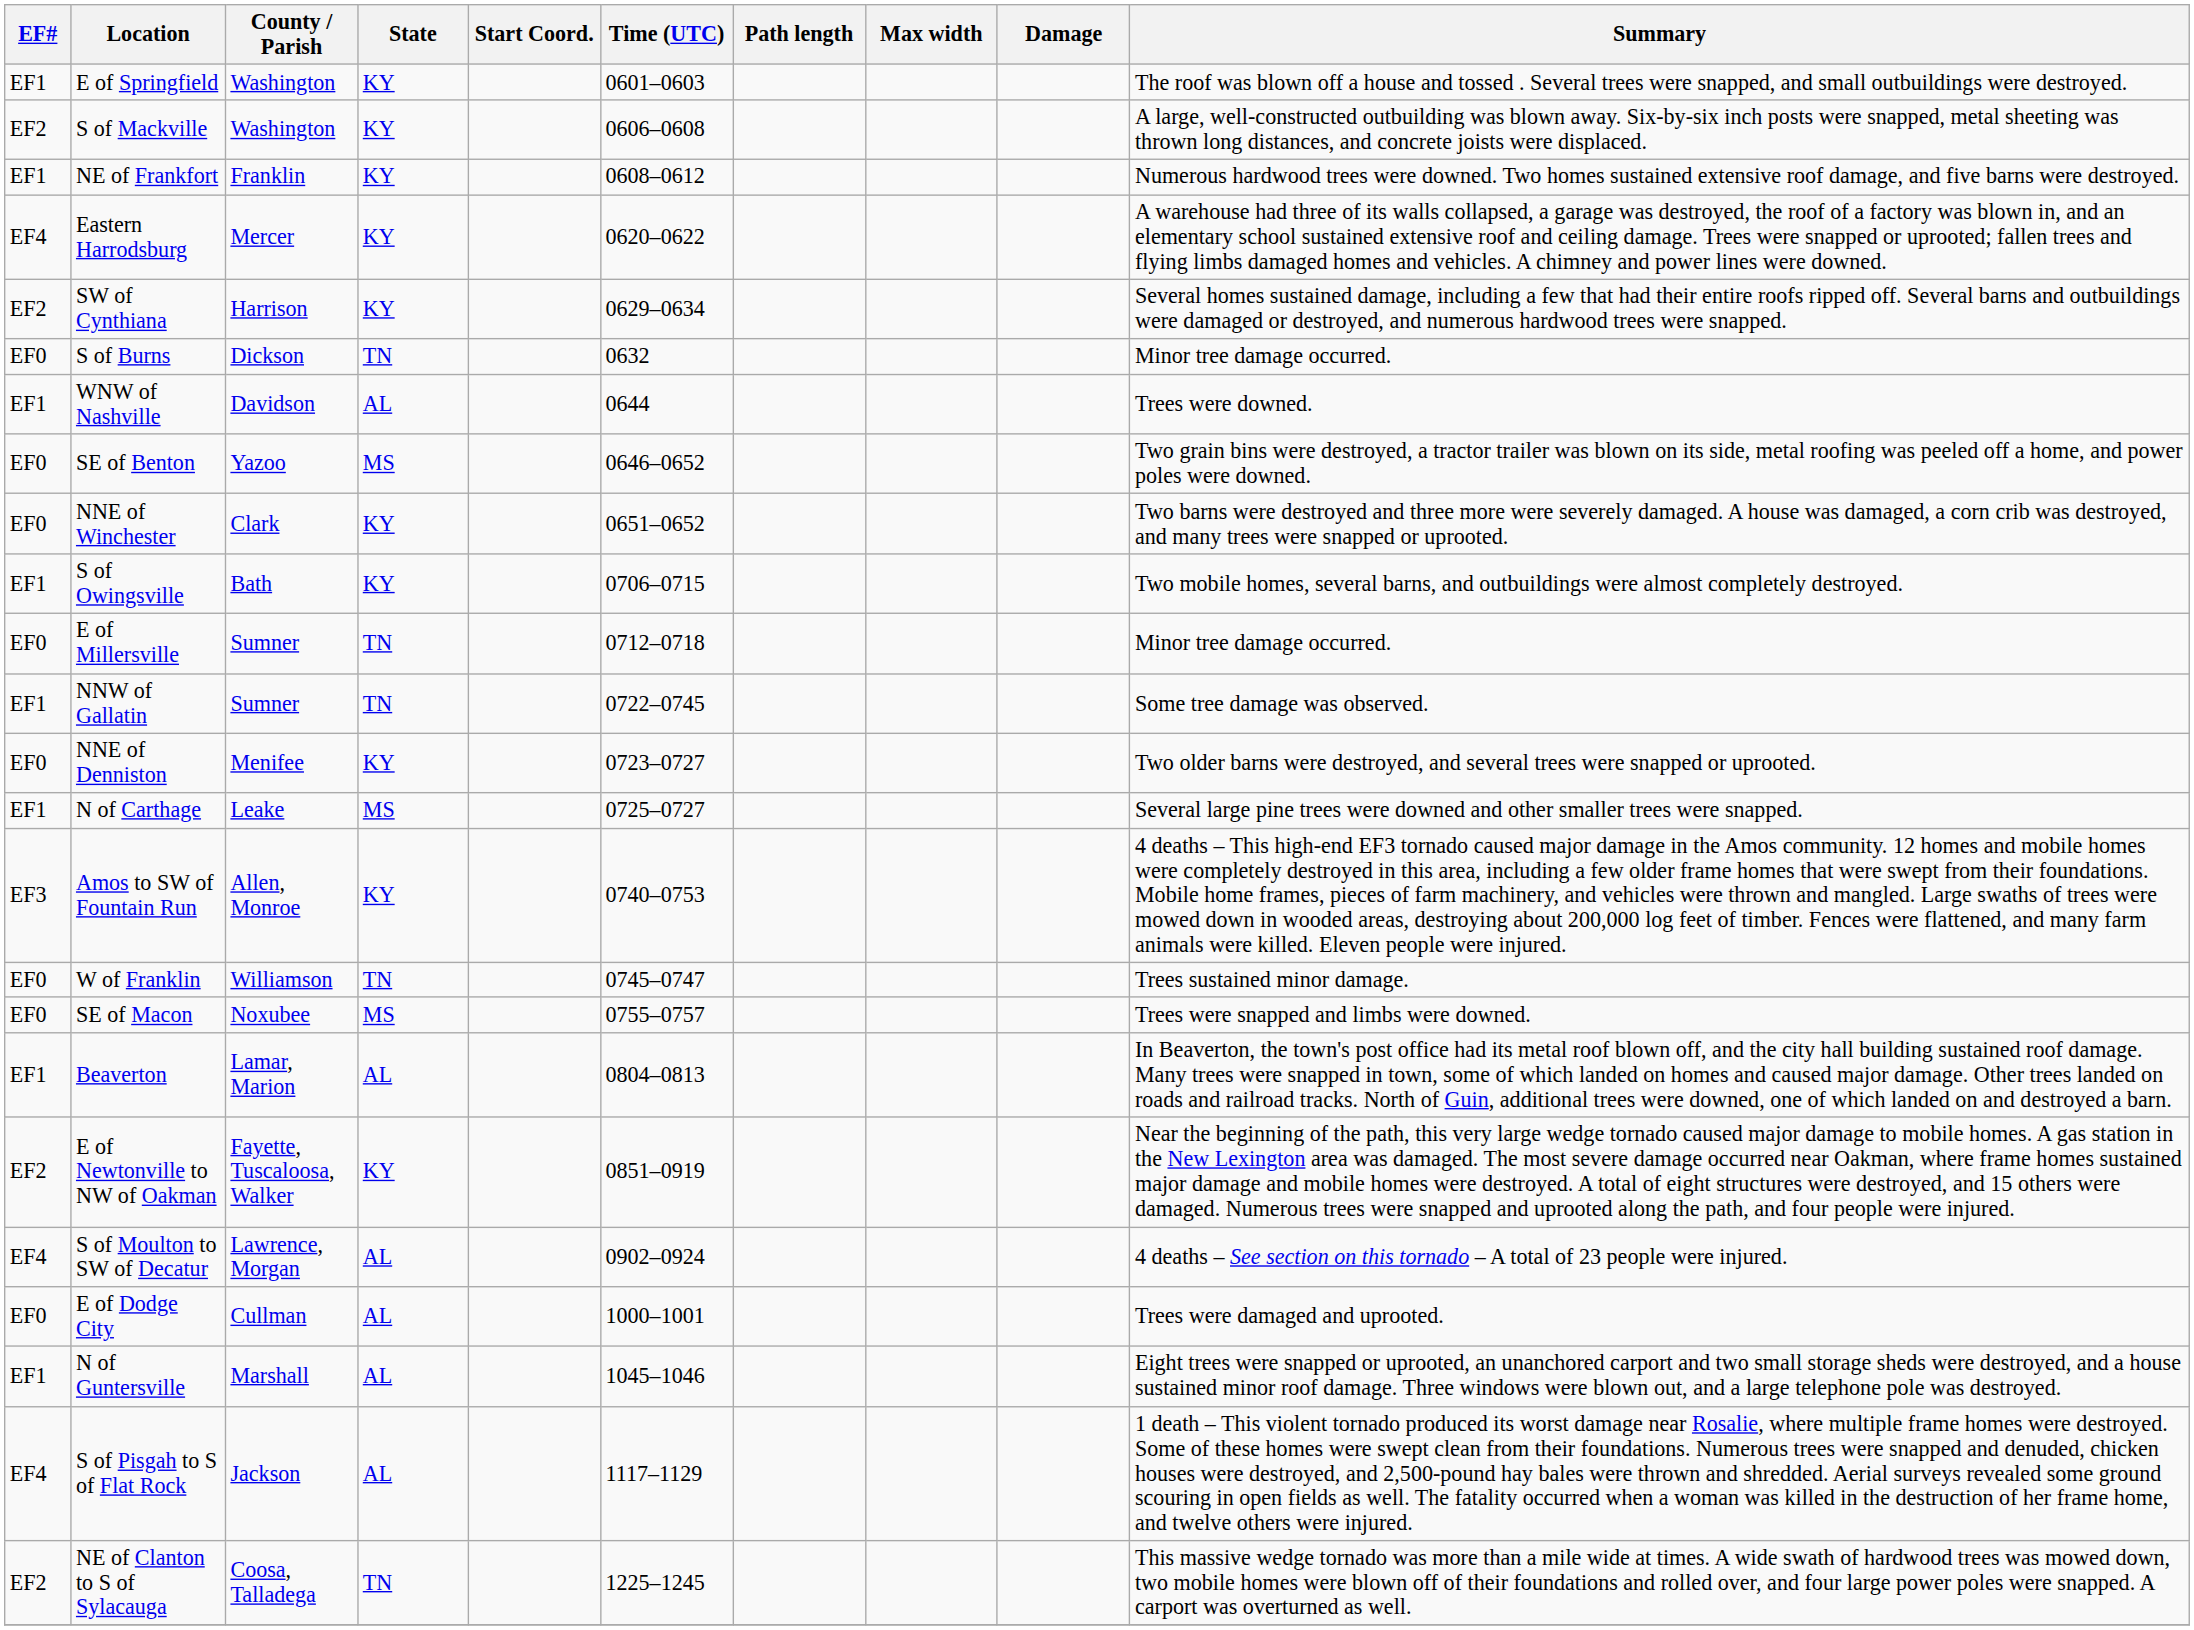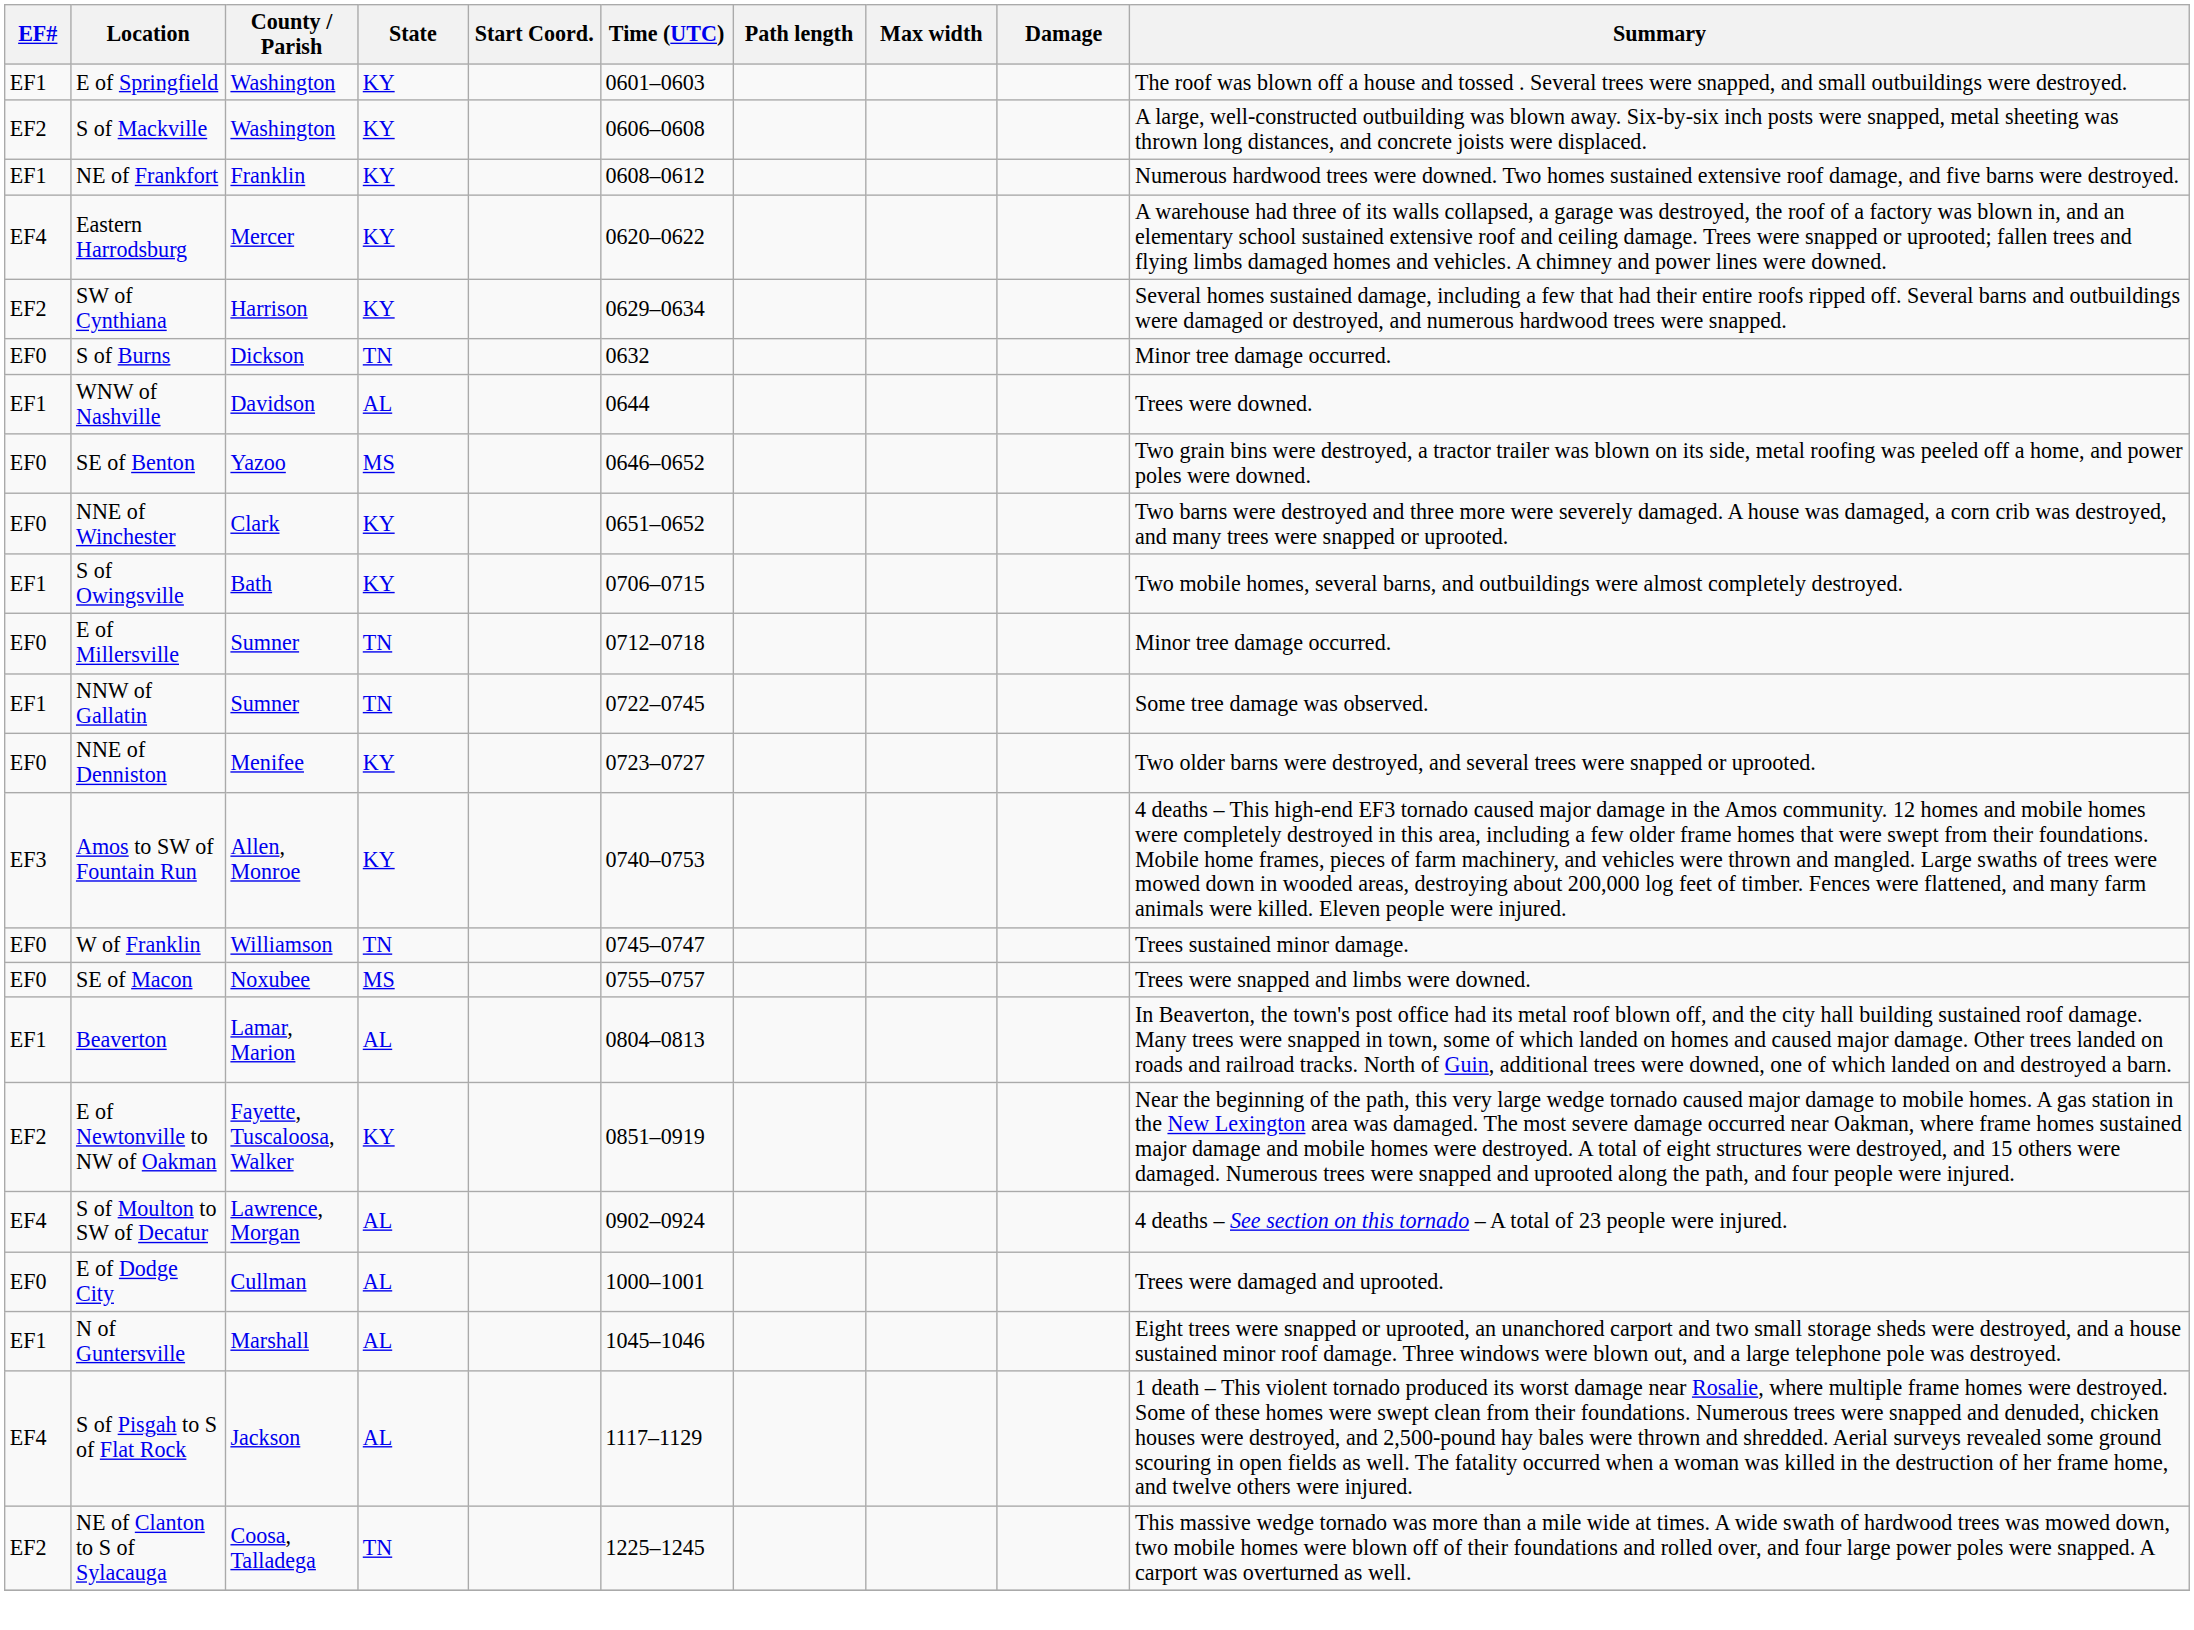 <table class="wikitable sortable" style="width:100%;">
 <tr>
 <th scope="col" width="3%" align="center"><a href='#'>EF#</a></th>
 <th scope="col" width="7%" align="center" class="unsortable">Location</th>
 <th scope="col" width="6%" align="center" class="unsortable">County / Parish</th>
 <th scope="col" width="5%" align="center">State</th>
 <th scope="col" width="6%" align="center">Start Coord.</th>
 <th scope="col" width="6%" align="center">Time (<a href='#'>UTC</a>)</th>
 <th scope="col" width="6%" align="center">Path length</th>
 <th scope="col" width="6%" align="center">Max width</th>
 <th scope="col" width="6%" align="center">Damage</th>
 <th scope="col" width="48%" class="unsortable" align="center">Summary</th>
 </tr>
 <tr>
 <td>EF1</td>
 <td>E of <a href='#'>Springfield</a></td>
 <td><a href='#'>Washington</a></td>
 <td><a href='#'>KY</a></td>
 <td></td>
 <td>0601–0603</td>
 <td></td>
 <td></td>
 <td></td>
 <td>The roof was blown off a house and tossed . Several trees were snapped, and small outbuildings were destroyed.</td>
 </tr>
 <tr>
 <td>EF2</td>
 <td>S of <a href='#'>Mackville</a></td>
 <td><a href='#'>Washington</a></td>
 <td><a href='#'>KY</a></td>
 <td></td>
 <td>0606–0608</td>
 <td></td>
 <td></td>
 <td></td>
 <td>A large, well-constructed outbuilding was blown away. Six-by-six inch posts were snapped, metal sheeting was thrown long distances, and  concrete joists were displaced.</td>
 </tr>
 <tr>
 <td>EF1</td>
 <td>NE of <a href='#'>Frankfort</a></td>
 <td><a href='#'>Franklin</a></td>
 <td><a href='#'>KY</a></td>
 <td></td>
 <td>0608–0612</td>
 <td></td>
 <td></td>
 <td></td>
 <td>Numerous hardwood trees were downed. Two homes sustained extensive roof damage, and five barns were destroyed.</td>
 </tr>
 <tr>
 <td>EF4</td>
 <td>Eastern <a href='#'>Harrodsburg</a></td>
 <td><a href='#'>Mercer</a></td>
 <td><a href='#'>KY</a></td>
 <td></td>
 <td>0620–0622</td>
 <td></td>
 <td></td>
 <td></td>
 <td>A warehouse had three of its walls collapsed, a garage was destroyed, the roof of a factory was blown in, and an elementary school sustained extensive roof and ceiling damage. Trees were snapped or uprooted; fallen trees and flying limbs damaged homes and vehicles. A chimney and power lines were downed.</td>
 </tr>
 <tr>
 <td>EF2</td>
 <td>SW of <a href='#'>Cynthiana</a></td>
 <td><a href='#'>Harrison</a></td>
 <td><a href='#'>KY</a></td>
 <td></td>
 <td>0629–0634</td>
 <td></td>
 <td></td>
 <td></td>
 <td>Several homes sustained damage, including a few that had their entire roofs ripped off. Several barns and outbuildings were damaged or destroyed, and numerous hardwood trees were snapped.</td>
 </tr>
 <tr>
 <td>EF0</td>
 <td>S of <a href='#'>Burns</a></td>
 <td><a href='#'>Dickson</a></td>
 <td><a href='#'>TN</a></td>
 <td></td>
 <td>0632</td>
 <td></td>
 <td></td>
 <td></td>
 <td>Minor tree damage occurred.</td>
 </tr>
 <tr>
 <td>EF1</td>
 <td>WNW of <a href='#'>Nashville</a></td>
 <td><a href='#'>Davidson</a></td>
 <td><a href='#'>AL</a></td>
 <td></td>
 <td>0644</td>
 <td></td>
 <td></td>
 <td></td>
 <td>Trees were downed.</td>
 </tr>
 <tr>
 <td>EF0</td>
 <td>SE of <a href='#'>Benton</a></td>
 <td><a href='#'>Yazoo</a></td>
 <td><a href='#'>MS</a></td>
 <td></td>
 <td>0646–0652</td>
 <td></td>
 <td></td>
 <td></td>
 <td>Two grain bins were destroyed, a tractor trailer was blown on its side, metal roofing was peeled off a home, and power poles were downed.</td>
 </tr>
 <tr>
 <td>EF0</td>
 <td>NNE of <a href='#'>Winchester</a></td>
 <td><a href='#'>Clark</a></td>
 <td><a href='#'>KY</a></td>
 <td></td>
 <td>0651–0652</td>
 <td></td>
 <td></td>
 <td></td>
 <td>Two barns were destroyed and three more were severely damaged. A house was damaged, a corn crib was destroyed, and many trees were snapped or uprooted.</td>
 </tr>
 <tr>
 <td>EF1</td>
 <td>S of <a href='#'>Owingsville</a></td>
 <td><a href='#'>Bath</a></td>
 <td><a href='#'>KY</a></td>
 <td></td>
 <td>0706–0715</td>
 <td></td>
 <td></td>
 <td></td>
 <td>Two mobile homes, several barns, and outbuildings were almost completely destroyed.</td>
 </tr>
 <tr>
 <td>EF0</td>
 <td>E of <a href='#'>Millersville</a></td>
 <td><a href='#'>Sumner</a></td>
 <td><a href='#'>TN</a></td>
 <td></td>
 <td>0712–0718</td>
 <td></td>
 <td></td>
 <td></td>
 <td>Minor tree damage occurred.</td>
 </tr>
 <tr>
 <td>EF1</td>
 <td>NNW of <a href='#'>Gallatin</a></td>
 <td><a href='#'>Sumner</a></td>
 <td><a href='#'>TN</a></td>
 <td></td>
 <td>0722–0745</td>
 <td></td>
 <td></td>
 <td></td>
 <td>Some tree damage was observed.</td>
 </tr>
 <tr>
 <td>EF0</td>
 <td>NNE of <a href='#'>Denniston</a></td>
 <td><a href='#'>Menifee</a></td>
 <td><a href='#'>KY</a></td>
 <td></td>
 <td>0723–0727</td>
 <td></td>
 <td></td>
 <td></td>
 <td>Two older barns were destroyed, and several trees were snapped or uprooted.</td>
 </tr>
 <tr>
-<td>EF1</td>
-<td>N of <a href='#'>Carthage</a></td>
-<td><a href='#'>Leake</a></td>
-<td><a href='#'>MS</a></td>
-<td></td>
-<td>0725–0727</td>
-<td></td>
-<td></td>
-<td></td>
-<td>Several large pine trees were downed and other smaller trees were snapped.</td>
-</tr>
-<tr>
 <td>EF3</td>
 <td><a href='#'>Amos</a> to SW of <a href='#'>Fountain Run</a></td>
 <td><a href='#'>Allen</a>, <a href='#'>Monroe</a></td>
 <td><a href='#'>KY</a></td>
 <td></td>
 <td>0740–0753</td>
 <td></td>
 <td></td>
 <td></td>
 <td>4 deaths – This high-end EF3 tornado caused major damage in the Amos community. 12 homes and mobile homes were completely destroyed in this area, including a few older frame homes that were swept from their foundations. Mobile home frames, pieces of farm machinery, and vehicles were thrown and mangled. Large swaths of trees were mowed down in wooded areas, destroying about 200,000 log feet of timber. Fences were flattened, and many farm animals were killed. Eleven people were injured.</td>
 </tr>
 <tr>
 <td>EF0</td>
 <td>W of <a href='#'>Franklin</a></td>
 <td><a href='#'>Williamson</a></td>
 <td><a href='#'>TN</a></td>
 <td></td>
 <td>0745–0747</td>
 <td></td>
 <td></td>
 <td></td>
 <td>Trees sustained minor damage.</td>
 </tr>
 <tr>
 <td>EF0</td>
 <td>SE of <a href='#'>Macon</a></td>
 <td><a href='#'>Noxubee</a></td>
 <td><a href='#'>MS</a></td>
 <td></td>
 <td>0755–0757</td>
 <td></td>
 <td></td>
 <td></td>
 <td>Trees were snapped and limbs were downed.</td>
 </tr>
 <tr>
 <td>EF1</td>
 <td><a href='#'>Beaverton</a></td>
 <td><a href='#'>Lamar</a>, <a href='#'>Marion</a></td>
 <td><a href='#'>AL</a></td>
 <td></td>
 <td>0804–0813</td>
 <td></td>
 <td></td>
 <td></td>
 <td>In Beaverton, the town's post office had its metal roof blown off, and the city hall building sustained roof damage. Many trees were snapped in town, some of which landed on homes and caused major damage. Other trees landed on roads and railroad tracks. North of <a href='#'>Guin</a>, additional trees were downed, one of which landed on and destroyed a barn.</td>
 </tr>
 <tr>
 <td>EF2</td>
 <td>E of <a href='#'>Newtonville</a> to NW of <a href='#'>Oakman</a></td>
 <td><a href='#'>Fayette</a>, <a href='#'>Tuscaloosa</a>, <a href='#'>Walker</a></td>
 <td><a href='#'>KY</a></td>
 <td></td>
 <td>0851–0919</td>
 <td></td>
 <td></td>
 <td></td>
 <td>Near the beginning of the path, this very large wedge tornado caused major damage to mobile homes. A gas station in the <a href='#'>New Lexington</a> area was damaged. The most severe damage occurred near Oakman, where frame homes sustained major damage and mobile homes were destroyed. A total of eight structures were destroyed, and 15 others were damaged. Numerous trees were snapped and uprooted along the path, and four people were injured.</td>
 </tr>
 <tr>
 <td>EF4</td>
 <td>S of <a href='#'>Moulton</a> to SW of <a href='#'>Decatur</a></td>
 <td><a href='#'>Lawrence</a>, <a href='#'>Morgan</a></td>
 <td><a href='#'>AL</a></td>
 <td></td>
 <td>0902–0924</td>
 <td></td>
 <td></td>
 <td></td>
 <td>4 deaths – <em><a href='#'>See section on this tornado</a></em> – A total of 23 people were injured.</td>
 </tr>
 <tr>
 <td>EF0</td>
 <td>E of <a href='#'>Dodge City</a></td>
 <td><a href='#'>Cullman</a></td>
 <td><a href='#'>AL</a></td>
 <td></td>
 <td>1000–1001</td>
 <td></td>
 <td></td>
 <td></td>
 <td>Trees were damaged and uprooted.</td>
 </tr>
 <tr>
 <td>EF1</td>
 <td>N of <a href='#'>Guntersville</a></td>
 <td><a href='#'>Marshall</a></td>
 <td><a href='#'>AL</a></td>
 <td></td>
 <td>1045–1046</td>
 <td></td>
 <td></td>
 <td></td>
 <td>Eight trees were snapped or uprooted, an unanchored carport and two small storage sheds were destroyed, and a house sustained minor roof damage. Three windows were blown out, and a large telephone pole was destroyed.</td>
 </tr>
 <tr>
 <td>EF4</td>
 <td>S of <a href='#'>Pisgah</a> to S of <a href='#'>Flat Rock</a></td>
 <td><a href='#'>Jackson</a></td>
 <td><a href='#'>AL</a></td>
 <td></td>
 <td>1117–1129</td>
 <td></td>
 <td></td>
 <td></td>
 <td>1 death – This violent tornado produced its worst damage near <a href='#'>Rosalie</a>, where multiple frame homes were destroyed. Some of these homes were swept clean from their foundations. Numerous trees were snapped and denuded, chicken houses were destroyed, and 2,500-pound hay bales were thrown and shredded. Aerial surveys revealed some ground scouring in open fields as well. The fatality occurred when a woman was killed in the destruction of her frame home, and twelve others were injured.</td>
 </tr>
 <tr>
 <td>EF2</td>
 <td>NE of <a href='#'>Clanton</a> to S of <a href='#'>Sylacauga</a></td>
 <td><a href='#'>Coosa</a>, <a href='#'>Talladega</a></td>
 <td><a href='#'>TN</a></td>
 <td></td>
 <td>1225–1245</td>
 <td></td>
 <td></td>
 <td></td>
 <td>This massive wedge tornado was more than a mile wide at times. A wide swath of hardwood trees was mowed down, two mobile homes were blown off of their foundations and rolled over, and four large power poles were snapped. A carport was overturned as well.</td>
 </tr>
 <tr>
 </tr>
 </table>
